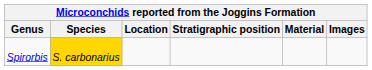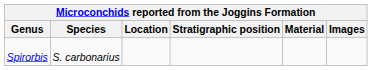 <table class="wikitable sortable mw-collapsible">
 <tr>
 <th colspan="7" style="text-align:center;"><strong><a href='#'>Microconchids</a> reported from the Joggins Formation</strong></th>
 </tr>
 <tr>
 <th>Genus</th>
 <th>Species</th>
 <th>Location</th>
 <th>Stratigraphic position</th>
 <th>Material</th>
 <th>Images</th>
 </tr>
 <tr>
 <td rowspan="1"><br><em><a href='#'>Spirorbis</a></em></td>
-<td style="background: gold;"><br><em>S. carbonarius</em></td>
+<td><br><em>S. carbonarius</em></td>
 <td></td>
 <td></td>
 <td></td>
 <td></td>
 </tr>
 </table>
